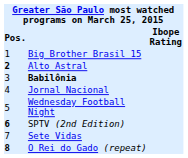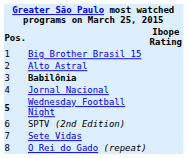 <table class="toccolours" style="float:right; margin-right:1em; margin-right:2em; font-size:75%; background:#def; color:black; width:20em; max-width:20%;" cellspacing="0">
 <tr>
 <td colspan=4 style="text-align:center;"><strong><a href='#'>Greater São Paulo</a> most watched<br> programs on March 25, 2015</strong><br></td>
 </tr>
 <tr>
 <th>Pos.</th>
 <th></th>
 <th>Ibope<br>Rating</th>
 </tr>
 <tr>
 <td>1</td>
 <td><a href='#'>Big Brother Brasil 15</a></td>
 <td></td>
 </tr>
 <tr>
-<td><strong>2</strong></td>
+<td>2</td>
 <td><a href='#'>Alto Astral</a></td>
 <td></td>
 </tr>
 <tr>
 <td>3</td>
 <td><strong>Babilônia</strong></td>
 <td></td>
 </tr>
 <tr>
 <td>4</td>
 <td><a href='#'>Jornal Nacional</a></td>
 <td></td>
 </tr>
 <tr>
-<td>5</td>
+<td><strong>5</strong></td>
 <td><a href='#'>Wednesday Football Night</a></td>
 <td></td>
 </tr>
 <tr>
-<td><strong>6</strong></td>
+<td>6</td>
 <td>SPTV <em>(2nd Edition)</em></td>
 <td></td>
 </tr>
 <tr>
 <td>7</td>
 <td><a href='#'>Sete Vidas</a></td>
 <td></td>
 </tr>
 <tr>
-<td><strong>8</strong></td>
+<td>8</td>
 <td><a href='#'>O Rei do Gado</a> <em>(repeat)</em></td>
 <td></td>
 </tr>
 </table>
